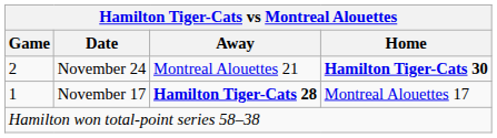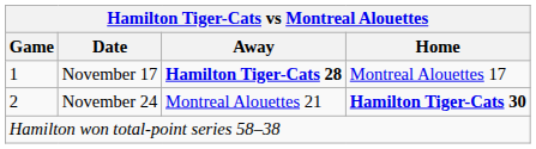 <table class="wikitable">
 <tr>
 <th colspan="4"><a href='#'>Hamilton Tiger-Cats</a> vs <a href='#'>Montreal Alouettes</a></th>
 </tr>
 <tr>
 <th>Game</th>
 <th>Date</th>
 <th>Away</th>
 <th>Home</th>
 </tr>
 <tr>
+<td>1</td>
+<td>November 17</td>
+<td><strong><a href='#'>Hamilton Tiger-Cats</a> 28</strong></td>
+<td><a href='#'>Montreal Alouettes</a> 17</td>
+</tr>
+<tr>
 <td>2</td>
 <td>November 24</td>
 <td><a href='#'>Montreal Alouettes</a> 21</td>
 <td><strong><a href='#'>Hamilton Tiger-Cats</a> 30</strong></td>
 </tr>
 <tr>
-<td>1</td>
-<td>November 17</td>
-<td><strong><a href='#'>Hamilton Tiger-Cats</a> 28</strong></td>
-<td><a href='#'>Montreal Alouettes</a> 17</td>
-</tr>
-<tr>
 <td colspan="4"><em>Hamilton won total-point series 58–38</em></td>
 </tr>
 </table>
